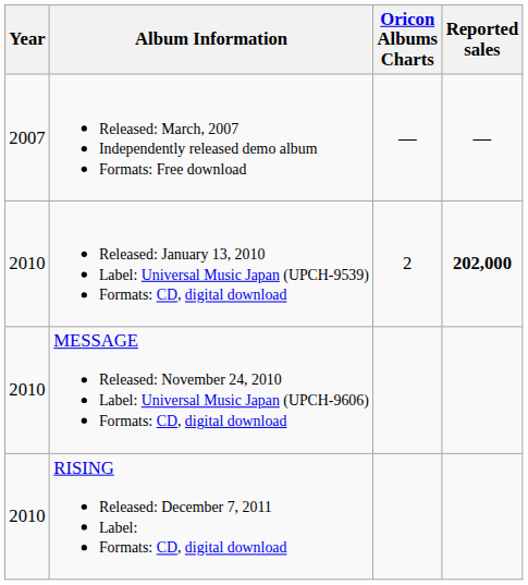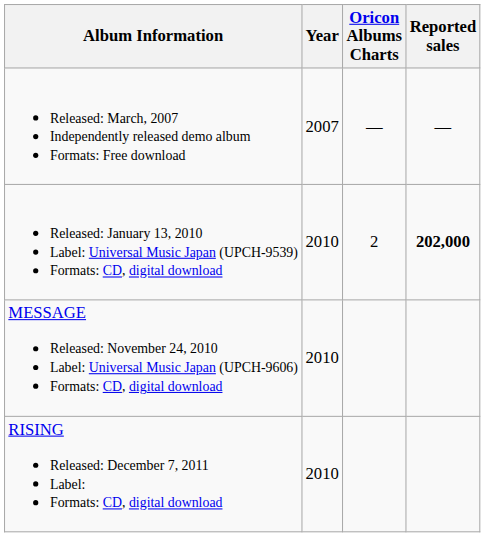 <table class="wikitable">
 <tr>
+<th rowspan="1">Album Information</th>
 <th rowspan="1">Year</th>
-<th rowspan="1">Album Information</th>
 <th colspan="1"><a href='#'>Oricon</a><br>Albums<br>Charts<br></th>
 <th colspan="1">Reported<br>sales<br></th>
 </tr>
 <tr>
+<td><br><ul><li><small>Released: March, 2007</small></li><li><small>Independently released demo album</small></li><li><small>Formats: Free download</small></li></ul></td>
 <td align="center">2007</td>
-<td><br><ul><li><small>Released: March, 2007</small></li><li><small>Independently released demo album</small></li><li><small>Formats: Free download</small></li></ul></td>
 <td align="center">—</td>
 <td align="center">—</td>
 </tr>
 <tr>
+<td><br><ul><li><small>Released: January 13, 2010</small></li><li><small>Label: <a href='#'>Universal Music Japan</a> (UPCH-9539)</small></li><li><small>Formats: <a href='#'>CD</a>, <a href='#'>digital download</a></small></li></ul></td>
 <td align="center">2010</td>
-<td><br><ul><li><small>Released: January 13, 2010</small></li><li><small>Label: <a href='#'>Universal Music Japan</a> (UPCH-9539)</small></li><li><small>Formats: <a href='#'>CD</a>, <a href='#'>digital download</a></small></li></ul></td>
 <td align="center">2</td>
 <td align="center"><strong>202,000</strong></td>
 </tr>
 <tr>
+<td><a href='#'>MESSAGE</a><br><ul><li><small>Released: November 24, 2010</small></li><li><small>Label: <a href='#'>Universal Music Japan</a> (UPCH-9606)</small></li><li><small>Formats: <a href='#'>CD</a>, <a href='#'>digital download</a></small></li></ul></td>
 <td align="center">2010</td>
-<td><a href='#'>MESSAGE</a><br><ul><li><small>Released: November 24, 2010</small></li><li><small>Label: <a href='#'>Universal Music Japan</a> (UPCH-9606)</small></li><li><small>Formats: <a href='#'>CD</a>, <a href='#'>digital download</a></small></li></ul></td>
 <td align="center"></td>
 <td align="center"></td>
 </tr>
 <tr>
+<td><a href='#'>RISING</a><br><ul><li><small>Released: December 7, 2011</small></li><li><small>Label:</small></li><li><small>Formats: <a href='#'>CD</a>, <a href='#'>digital download</a></small></li></ul></td>
 <td align="center">2010</td>
-<td><a href='#'>RISING</a><br><ul><li><small>Released: December 7, 2011</small></li><li><small>Label:</small></li><li><small>Formats: <a href='#'>CD</a>, <a href='#'>digital download</a></small></li></ul></td>
 <td align="center"></td>
 <td align="center"></td>
 </tr>
 </table>
